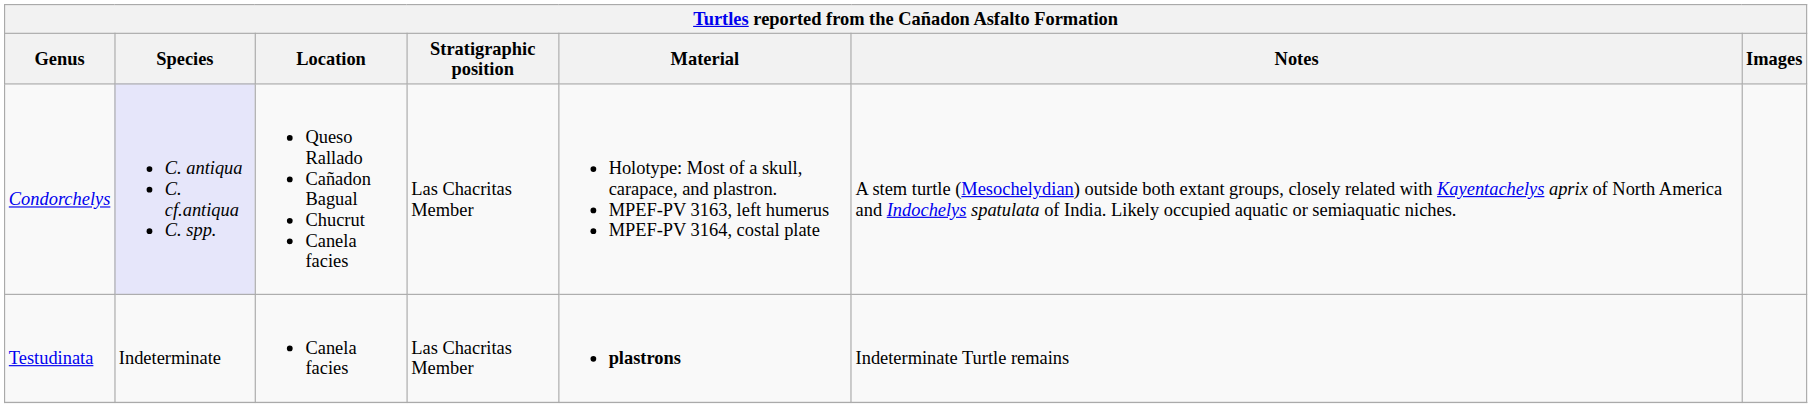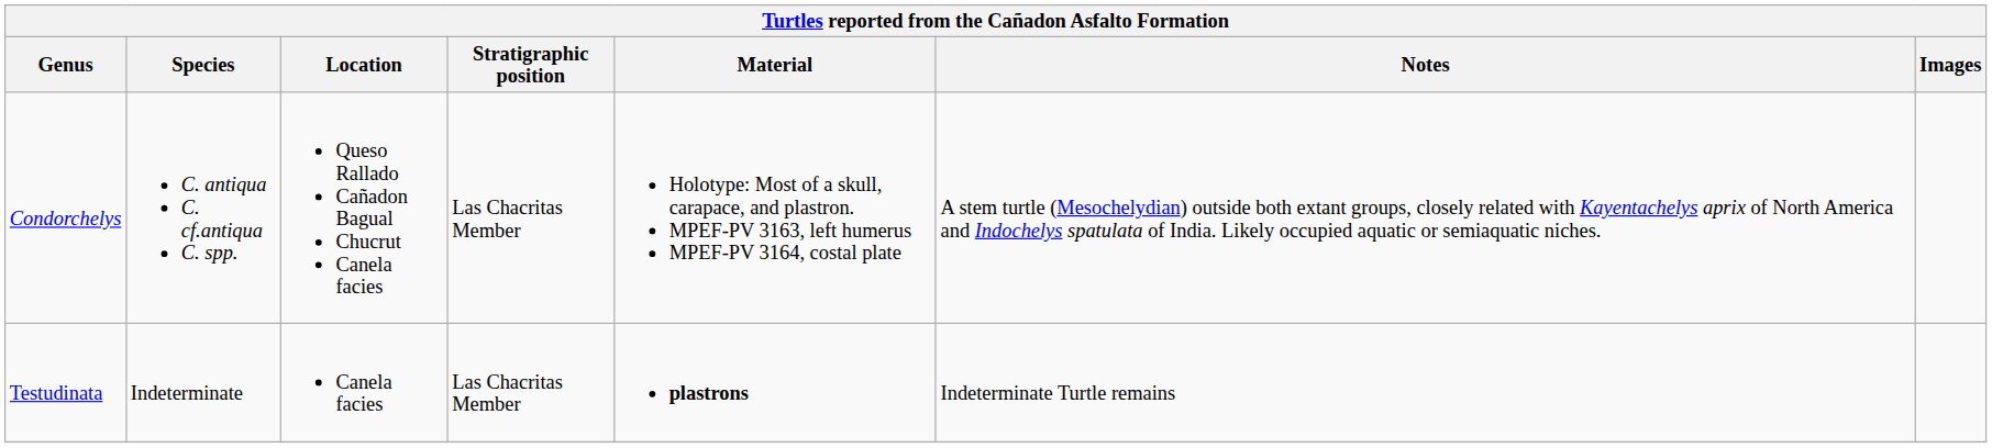 <table class="wikitable sortable">
 <tr>
 <th colspan="7" align="center"><strong><a href='#'>Turtles</a> reported from the Cañadon Asfalto Formation</strong></th>
 </tr>
 <tr>
 <th>Genus</th>
 <th>Species</th>
 <th>Location</th>
 <th>Stratigraphic position</th>
 <th>Material</th>
 <th>Notes</th>
 <th>Images</th>
 </tr>
 <tr>
 <td><br><em><a href='#'>Condorchelys</a></em></td>
-<td style="background: lavender;"><br><ul><li><em>C. antiqua</em></li><li><em>C. cf.antiqua</em></li><li><em>C. spp.</em></li></ul></td>
+<td><br><ul><li><em>C. antiqua</em></li><li><em>C. cf.antiqua</em></li><li><em>C. spp.</em></li></ul></td>
 <td><br><ul><li>Queso Rallado</li><li>Cañadon Bagual</li><li>Chucrut</li><li>Canela facies</li></ul></td>
 <td><br>Las Chacritas Member</td>
 <td><br><ul><li>Holotype: Most of a skull, carapace, and plastron.</li><li>MPEF-PV 3163, left humerus</li><li>MPEF-PV 3164, costal plate</li></ul></td>
 <td><br>A stem turtle (<a href='#'>Mesochelydian</a>) outside both extant groups, closely related with <em><a href='#'>Kayentachelys</a> aprix</em> of North America and <em><a href='#'>Indochelys</a> spatulata</em> of India. Likely occupied aquatic or semiaquatic niches.</td>
 <td></td>
 </tr>
 <tr>
 <td><br><a href='#'>Testudinata</a></td>
 <td><br>Indeterminate</td>
 <td><br><ul><li>Canela facies</li></ul></td>
 <td><br>Las Chacritas Member</td>
 <td><strong><br><ul><li>plastrons</li></ul></strong></td>
 <td><br>Indeterminate Turtle remains</td>
 <td></td>
 </tr>
 <tr>
 </tr>
 </table>
